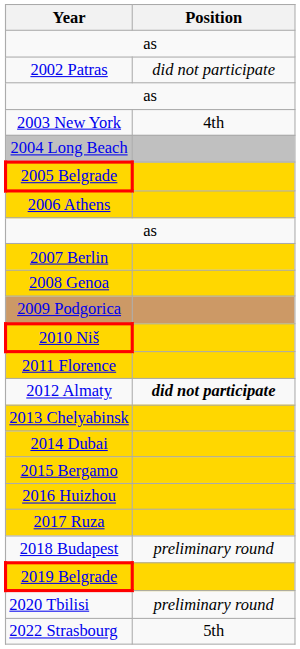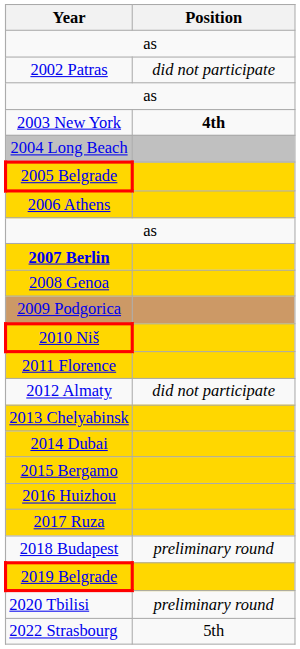 <table class="wikitable" style="text-align: center;">
 <tr>
 <th>Year</th>
 <th width="150">Position</th>
 </tr>
 <tr>
 <td colspan=5>as <strong></strong></td>
 </tr>
 <tr>
 <td> <a href='#'>2002 Patras</a></td>
 <td><em>did not participate</em></td>
 </tr>
 <tr>
 <td colspan=5>as <strong></strong></td>
 </tr>
 <tr>
 <td> <a href='#'>2003 New York</a></td>
-<td>4th</td>
+<td><strong>4th</strong></td>
 </tr>
 <tr bgcolor=silver>
 <td> <a href='#'>2004 Long Beach</a></td>
 <td></td>
 </tr>
 <tr bgcolor=gold>
 <td style="border: 3px solid red"> <a href='#'>2005 Belgrade</a></td>
 <td></td>
 </tr>
 <tr bgcolor=gold>
 <td> <a href='#'>2006 Athens</a></td>
 <td></td>
 </tr>
 <tr>
 <td colspan=5>as <strong></strong></td>
 </tr>
 <tr bgcolor=gold>
-<td> <a href='#'>2007 Berlin</a></td>
+<td><strong> <a href='#'>2007 Berlin</a></strong></td>
 <td></td>
 </tr>
 <tr bgcolor=gold>
 <td> <a href='#'>2008 Genoa</a></td>
 <td></td>
 </tr>
 <tr bgcolor=cc9966>
 <td> <a href='#'>2009 Podgorica</a></td>
 <td></td>
 </tr>
 <tr bgcolor=gold>
 <td style="border: 3px solid red"> <a href='#'>2010 Niš</a></td>
 <td></td>
 </tr>
 <tr bgcolor=gold>
 <td> <a href='#'>2011 Florence</a></td>
 <td></td>
 </tr>
 <tr>
 <td> <a href='#'>2012 Almaty</a></td>
-<td><strong><em>did not participate</em></strong></td>
+<td><em>did not participate</em></td>
 </tr>
 <tr bgcolor=gold>
 <td> <a href='#'>2013 Chelyabinsk</a></td>
 <td></td>
 </tr>
 <tr bgcolor=gold>
 <td> <a href='#'>2014 Dubai</a></td>
 <td></td>
 </tr>
 <tr bgcolor=gold>
 <td> <a href='#'>2015 Bergamo</a></td>
 <td></td>
 </tr>
 <tr bgcolor=gold>
 <td> <a href='#'>2016 Huizhou</a></td>
 <td></td>
 </tr>
 <tr bgcolor=gold>
 <td> <a href='#'>2017 Ruza</a></td>
 <td></td>
 </tr>
 <tr>
 <td> <a href='#'>2018 Budapest</a></td>
 <td><em>preliminary round</em></td>
 </tr>
 <tr bgcolor=gold>
 <td style="border: 3px solid red"> <a href='#'>2019 Belgrade</a></td>
 <td></td>
 </tr>
 <tr>
 <td align=left> <a href='#'>2020 Tbilisi</a></td>
 <td><em>preliminary round</em></td>
 </tr>
 <tr>
 <td align=left> <a href='#'>2022 Strasbourg</a></td>
 <td>5th</td>
 </tr>
 </table>
